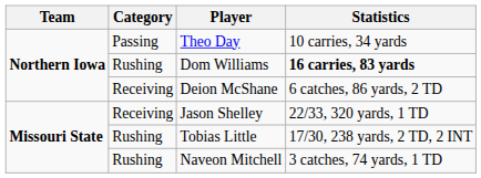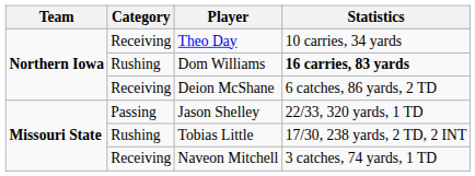 <table class="wikitable" style="float: right;">
 <tr>
 <th>Team</th>
 <th>Category</th>
 <th>Player</th>
 <th>Statistics</th>
 </tr>
 <tr>
 <td rowspan=3><strong>Northern Iowa</strong></td>
-<td>Passing</td>
+<td>Receiving</td>
 <td><a href='#'>Theo Day</a></td>
 <td>10 carries, 34 yards</td>
 </tr>
 <tr>
 <td>Rushing</td>
 <td>Dom Williams</td>
 <td><strong>16 carries, 83 yards</strong></td>
 </tr>
 <tr>
 <td>Receiving</td>
 <td>Deion McShane</td>
 <td>6 catches, 86 yards, 2 TD</td>
 </tr>
 <tr>
 <td rowspan=3><strong>Missouri State</strong></td>
-<td>Receiving</td>
+<td>Passing</td>
 <td>Jason Shelley</td>
 <td>22/33, 320 yards, 1 TD</td>
 </tr>
 <tr>
 <td>Rushing</td>
 <td>Tobias Little</td>
 <td>17/30, 238 yards, 2 TD, 2 INT</td>
 </tr>
 <tr>
-<td>Rushing</td>
+<td>Receiving</td>
 <td>Naveon Mitchell</td>
 <td>3 catches, 74 yards, 1 TD</td>
 </tr>
 </table>
